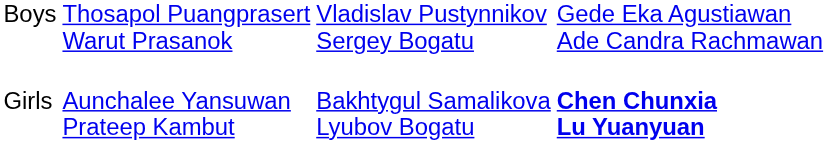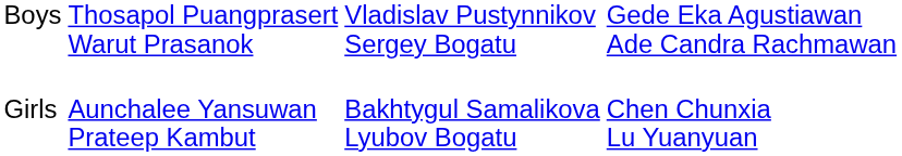 <table>
 <tr>
 <td>Boys</td>
 <td><br><a href='#'>Thosapol Puangprasert</a><br><a href='#'>Warut Prasanok</a></td>
 <td><br><a href='#'>Vladislav Pustynnikov</a><br><a href='#'>Sergey Bogatu</a></td>
 <td><br><a href='#'>Gede Eka Agustiawan</a><br><a href='#'>Ade Candra Rachmawan</a></td>
 </tr>
 <tr>
 <td>Girls</td>
 <td><br><a href='#'>Aunchalee Yansuwan</a><br><a href='#'>Prateep Kambut</a></td>
 <td><br><a href='#'>Bakhtygul Samalikova</a><br><a href='#'>Lyubov Bogatu</a></td>
-<td><strong><br><a href='#'>Chen Chunxia</a><br><a href='#'>Lu Yuanyuan</a></strong></td>
+<td><br><a href='#'>Chen Chunxia</a><br><a href='#'>Lu Yuanyuan</a></td>
 </tr>
 </table>
